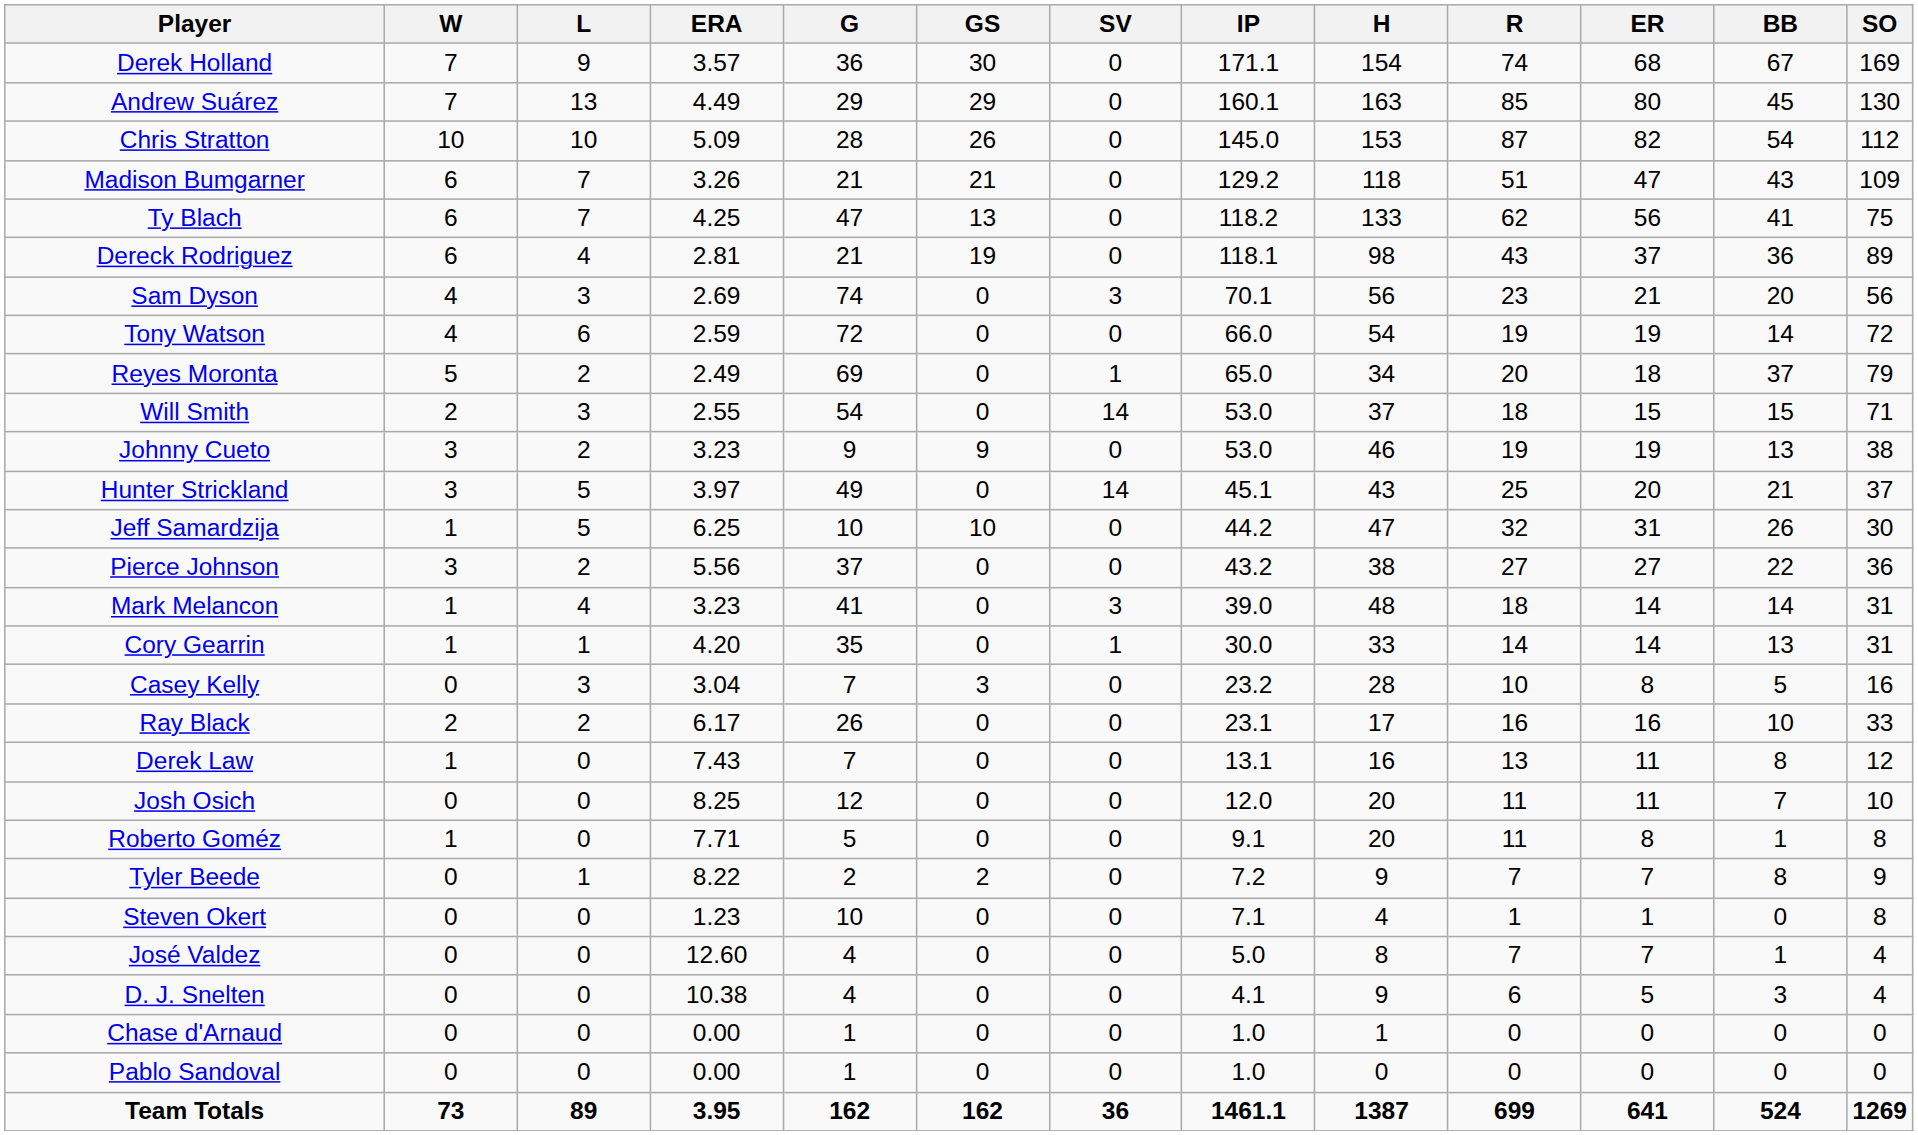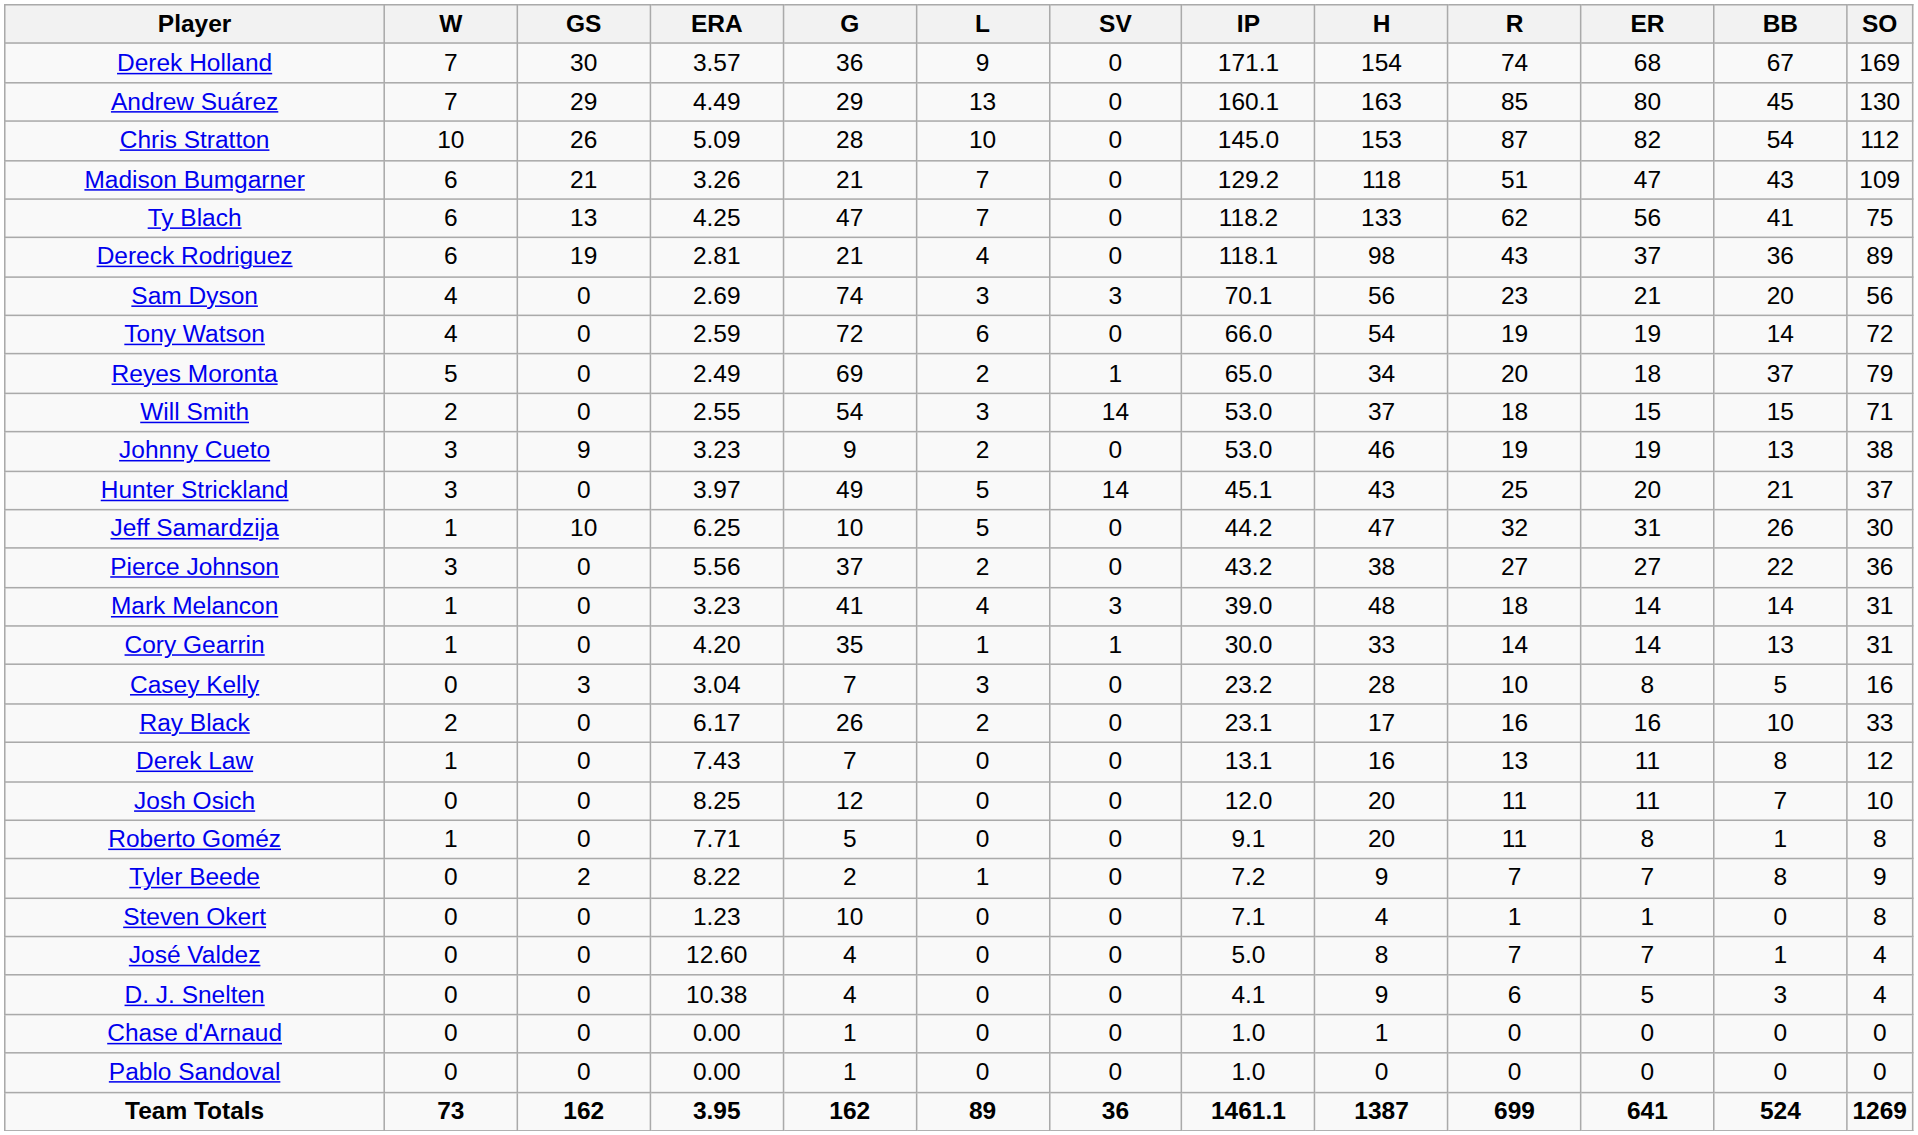 <table class=wikitable style="text-align:center">
 <tr>
 <th bgcolor=#DDDDFF; width="20%">Player</th>
 <th bgcolor=#DDDDFF; width="7%">W</th>
-<th bgcolor=#DDDDFF; width="7%">L</th>
+<th bgcolor=#DDDDFF; width="7%">GS</th>
 <th bgcolor=#DDDDFF; width="7%">ERA</th>
 <th bgcolor=#DDDDFF; width="7%">G</th>
-<th bgcolor=#DDDDFF; width="7%">GS</th>
+<th bgcolor=#DDDDFF; width="7%">L</th>
 <th bgcolor=#DDDDFF; width="7%">SV</th>
 <th bgcolor=#DDDDFF; width="7%">IP</th>
 <th bgcolor=#DDDDFF; width="7%">H</th>
 <th bgcolor=#DDDDFF; width="7%'">R</th>
 <th bgcolor=#DDDDFF; width="7%">ER</th>
 <th bgcolor=#DDDDFF; width="7%">BB</th>
 <th bgcolor=#DDDDFF; width="7%">SO</th>
 </tr>
 <tr>
 <td><a href='#'>Derek Holland</a></td>
 <td>7</td>
-<td>9</td>
+<td>30</td>
 <td>3.57</td>
 <td>36</td>
-<td>30</td>
+<td>9</td>
 <td>0</td>
 <td>171.1</td>
 <td>154</td>
 <td>74</td>
 <td>68</td>
 <td>67</td>
 <td>169</td>
 </tr>
 <tr>
 <td><a href='#'>Andrew Suárez</a></td>
 <td>7</td>
-<td>13</td>
+<td>29</td>
 <td>4.49</td>
 <td>29</td>
-<td>29</td>
+<td>13</td>
 <td>0</td>
 <td>160.1</td>
 <td>163</td>
 <td>85</td>
 <td>80</td>
 <td>45</td>
 <td>130</td>
 </tr>
 <tr>
 <td><a href='#'>Chris Stratton</a></td>
 <td>10</td>
-<td>10</td>
+<td>26</td>
 <td>5.09</td>
 <td>28</td>
-<td>26</td>
+<td>10</td>
 <td>0</td>
 <td>145.0</td>
 <td>153</td>
 <td>87</td>
 <td>82</td>
 <td>54</td>
 <td>112</td>
 </tr>
 <tr>
 <td><a href='#'>Madison Bumgarner</a></td>
 <td>6</td>
-<td>7</td>
+<td>21</td>
 <td>3.26</td>
 <td>21</td>
-<td>21</td>
+<td>7</td>
 <td>0</td>
 <td>129.2</td>
 <td>118</td>
 <td>51</td>
 <td>47</td>
 <td>43</td>
 <td>109</td>
 </tr>
 <tr>
 <td><a href='#'>Ty Blach</a></td>
 <td>6</td>
-<td>7</td>
+<td>13</td>
 <td>4.25</td>
 <td>47</td>
-<td>13</td>
+<td>7</td>
 <td>0</td>
 <td>118.2</td>
 <td>133</td>
 <td>62</td>
 <td>56</td>
 <td>41</td>
 <td>75</td>
 </tr>
 <tr>
 <td><a href='#'>Dereck Rodriguez</a></td>
 <td>6</td>
-<td>4</td>
+<td>19</td>
 <td>2.81</td>
 <td>21</td>
-<td>19</td>
+<td>4</td>
 <td>0</td>
 <td>118.1</td>
 <td>98</td>
 <td>43</td>
 <td>37</td>
 <td>36</td>
 <td>89</td>
 </tr>
 <tr>
 <td><a href='#'>Sam Dyson</a></td>
 <td>4</td>
-<td>3</td>
+<td>0</td>
 <td>2.69</td>
 <td>74</td>
-<td>0</td>
+<td>3</td>
 <td>3</td>
 <td>70.1</td>
 <td>56</td>
 <td>23</td>
 <td>21</td>
 <td>20</td>
 <td>56</td>
 </tr>
 <tr>
 <td><a href='#'>Tony Watson</a></td>
 <td>4</td>
-<td>6</td>
+<td>0</td>
 <td>2.59</td>
 <td>72</td>
-<td>0</td>
+<td>6</td>
 <td>0</td>
 <td>66.0</td>
 <td>54</td>
 <td>19</td>
 <td>19</td>
 <td>14</td>
 <td>72</td>
 </tr>
 <tr>
 <td><a href='#'>Reyes Moronta</a></td>
 <td>5</td>
-<td>2</td>
+<td>0</td>
 <td>2.49</td>
 <td>69</td>
-<td>0</td>
+<td>2</td>
 <td>1</td>
 <td>65.0</td>
 <td>34</td>
 <td>20</td>
 <td>18</td>
 <td>37</td>
 <td>79</td>
 </tr>
 <tr>
 <td><a href='#'>Will Smith</a></td>
 <td>2</td>
-<td>3</td>
+<td>0</td>
 <td>2.55</td>
 <td>54</td>
-<td>0</td>
+<td>3</td>
 <td>14</td>
 <td>53.0</td>
 <td>37</td>
 <td>18</td>
 <td>15</td>
 <td>15</td>
 <td>71</td>
 </tr>
 <tr>
 <td><a href='#'>Johnny Cueto</a></td>
 <td>3</td>
-<td>2</td>
+<td>9</td>
 <td>3.23</td>
 <td>9</td>
-<td>9</td>
+<td>2</td>
 <td>0</td>
 <td>53.0</td>
 <td>46</td>
 <td>19</td>
 <td>19</td>
 <td>13</td>
 <td>38</td>
 </tr>
 <tr>
 <td><a href='#'>Hunter Strickland</a></td>
 <td>3</td>
-<td>5</td>
+<td>0</td>
 <td>3.97</td>
 <td>49</td>
-<td>0</td>
+<td>5</td>
 <td>14</td>
 <td>45.1</td>
 <td>43</td>
 <td>25</td>
 <td>20</td>
 <td>21</td>
 <td>37</td>
 </tr>
 <tr>
 <td><a href='#'>Jeff Samardzija</a></td>
 <td>1</td>
-<td>5</td>
+<td>10</td>
 <td>6.25</td>
 <td>10</td>
-<td>10</td>
+<td>5</td>
 <td>0</td>
 <td>44.2</td>
 <td>47</td>
 <td>32</td>
 <td>31</td>
 <td>26</td>
 <td>30</td>
 </tr>
 <tr>
 <td><a href='#'>Pierce Johnson</a></td>
 <td>3</td>
-<td>2</td>
+<td>0</td>
 <td>5.56</td>
 <td>37</td>
-<td>0</td>
+<td>2</td>
 <td>0</td>
 <td>43.2</td>
 <td>38</td>
 <td>27</td>
 <td>27</td>
 <td>22</td>
 <td>36</td>
 </tr>
 <tr>
 <td><a href='#'>Mark Melancon</a></td>
 <td>1</td>
-<td>4</td>
+<td>0</td>
 <td>3.23</td>
 <td>41</td>
-<td>0</td>
+<td>4</td>
 <td>3</td>
 <td>39.0</td>
 <td>48</td>
 <td>18</td>
 <td>14</td>
 <td>14</td>
 <td>31</td>
 </tr>
 <tr>
 <td><a href='#'>Cory Gearrin</a></td>
 <td>1</td>
-<td>1</td>
+<td>0</td>
 <td>4.20</td>
 <td>35</td>
-<td>0</td>
+<td>1</td>
 <td>1</td>
 <td>30.0</td>
 <td>33</td>
 <td>14</td>
 <td>14</td>
 <td>13</td>
 <td>31</td>
 </tr>
 <tr>
 <td><a href='#'>Casey Kelly</a></td>
 <td>0</td>
 <td>3</td>
 <td>3.04</td>
 <td>7</td>
 <td>3</td>
 <td>0</td>
 <td>23.2</td>
 <td>28</td>
 <td>10</td>
 <td>8</td>
 <td>5</td>
 <td>16</td>
 </tr>
 <tr>
 <td><a href='#'>Ray Black</a></td>
 <td>2</td>
-<td>2</td>
+<td>0</td>
 <td>6.17</td>
 <td>26</td>
-<td>0</td>
+<td>2</td>
 <td>0</td>
 <td>23.1</td>
 <td>17</td>
 <td>16</td>
 <td>16</td>
 <td>10</td>
 <td>33</td>
 </tr>
 <tr>
 <td><a href='#'>Derek Law</a></td>
 <td>1</td>
 <td>0</td>
 <td>7.43</td>
 <td>7</td>
 <td>0</td>
 <td>0</td>
 <td>13.1</td>
 <td>16</td>
 <td>13</td>
 <td>11</td>
 <td>8</td>
 <td>12</td>
 </tr>
 <tr>
 <td><a href='#'>Josh Osich</a></td>
 <td>0</td>
 <td>0</td>
 <td>8.25</td>
 <td>12</td>
 <td>0</td>
 <td>0</td>
 <td>12.0</td>
 <td>20</td>
 <td>11</td>
 <td>11</td>
 <td>7</td>
 <td>10</td>
 </tr>
 <tr>
 <td><a href='#'>Roberto Goméz</a></td>
 <td>1</td>
 <td>0</td>
 <td>7.71</td>
 <td>5</td>
 <td>0</td>
 <td>0</td>
 <td>9.1</td>
 <td>20</td>
 <td>11</td>
 <td>8</td>
 <td>1</td>
 <td>8</td>
 </tr>
 <tr>
 <td><a href='#'>Tyler Beede</a></td>
 <td>0</td>
-<td>1</td>
+<td>2</td>
 <td>8.22</td>
 <td>2</td>
-<td>2</td>
+<td>1</td>
 <td>0</td>
 <td>7.2</td>
 <td>9</td>
 <td>7</td>
 <td>7</td>
 <td>8</td>
 <td>9</td>
 </tr>
 <tr>
 <td><a href='#'>Steven Okert</a></td>
 <td>0</td>
 <td>0</td>
 <td>1.23</td>
 <td>10</td>
 <td>0</td>
 <td>0</td>
 <td>7.1</td>
 <td>4</td>
 <td>1</td>
 <td>1</td>
 <td>0</td>
 <td>8</td>
 </tr>
 <tr>
 <td><a href='#'>José Valdez</a></td>
 <td>0</td>
 <td>0</td>
 <td>12.60</td>
 <td>4</td>
 <td>0</td>
 <td>0</td>
 <td>5.0</td>
 <td>8</td>
 <td>7</td>
 <td>7</td>
 <td>1</td>
 <td>4</td>
 </tr>
 <tr>
 <td><a href='#'>D. J. Snelten</a></td>
 <td>0</td>
 <td>0</td>
 <td>10.38</td>
 <td>4</td>
 <td>0</td>
 <td>0</td>
 <td>4.1</td>
 <td>9</td>
 <td>6</td>
 <td>5</td>
 <td>3</td>
 <td>4</td>
 </tr>
 <tr>
 <td><a href='#'>Chase d'Arnaud</a></td>
 <td>0</td>
 <td>0</td>
 <td>0.00</td>
 <td>1</td>
 <td>0</td>
 <td>0</td>
 <td>1.0</td>
 <td>1</td>
 <td>0</td>
 <td>0</td>
 <td>0</td>
 <td>0</td>
 </tr>
 <tr>
 <td><a href='#'>Pablo Sandoval</a></td>
 <td>0</td>
 <td>0</td>
 <td>0.00</td>
 <td>1</td>
 <td>0</td>
 <td>0</td>
 <td>1.0</td>
 <td>0</td>
 <td>0</td>
 <td>0</td>
 <td>0</td>
 <td>0</td>
 </tr>
 <tr>
 <td><strong>Team Totals</strong></td>
 <td><strong>73</strong></td>
-<td><strong>89</strong></td>
+<td><strong>162</strong></td>
 <td><strong>3.95</strong></td>
 <td><strong>162</strong></td>
-<td><strong>162</strong></td>
+<td><strong>89</strong></td>
 <td><strong>36</strong></td>
 <td><strong>1461.1</strong></td>
 <td><strong>1387</strong></td>
 <td><strong>699</strong></td>
 <td><strong>641</strong></td>
 <td><strong>524</strong></td>
 <td><strong>1269</strong></td>
 </tr>
 </table>
